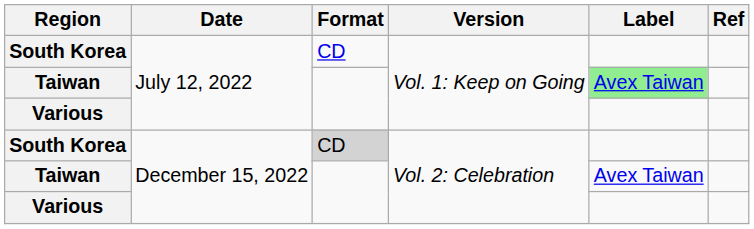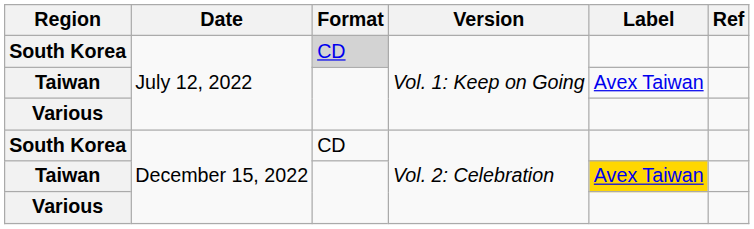 <table class="wikitable plainrowheaders">
 <tr>
 <th scope="col">Region</th>
 <th scope="col">Date</th>
 <th scope="col">Format</th>
 <th scope="col">Version</th>
 <th scope="col">Label</th>
 <th scope="col">Ref</th>
 </tr>
 <tr>
 <th scope="row">South Korea</th>
 <td rowspan="3">July 12, 2022</td>
-<td><a href='#'>CD</a></td>
+<td style="background: lightgrey;"><a href='#'>CD</a></td>
 <td rowspan="3"><em>Vol. 1: Keep on Going</em></td>
-<td></td>
-<td></td>
-</tr>
-<tr>
-<th scope="row">Taiwan</th>
-<td rowspan="2"></td>
-<td style="background: lightgreen;"><a href='#'>Avex Taiwan</a></td>
-<td></td>
-</tr>
-<tr>
-<th scope="row">Various </th>
-<td></td>
-<td></td>
-</tr>
-<tr>
-<th scope="row">South Korea</th>
-<td rowspan="3">December 15, 2022</td>
-<td style="background: lightgrey;">CD</td>
-<td rowspan="3"><em>Vol. 2: Celebration</em></td>
 <td></td>
 <td></td>
 </tr>
 <tr>
 <th scope="row">Taiwan</th>
 <td rowspan="2"></td>
 <td><a href='#'>Avex Taiwan</a></td>
 <td></td>
 </tr>
 <tr>
 <th scope="row">Various </th>
 <td></td>
 <td></td>
 </tr>
+<tr>
+<th scope="row">South Korea</th>
+<td rowspan="3">December 15, 2022</td>
+<td>CD</td>
+<td rowspan="3"><em>Vol. 2: Celebration</em></td>
+<td></td>
+<td></td>
+</tr>
+<tr>
+<th scope="row">Taiwan</th>
+<td rowspan="2"></td>
+<td style="background: gold;"><a href='#'>Avex Taiwan</a></td>
+<td></td>
+</tr>
+<tr>
+<th scope="row">Various </th>
+<td></td>
+<td></td>
+</tr>
 </table>
